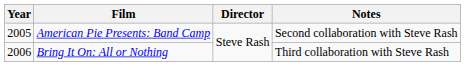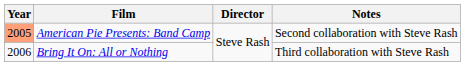 <table class="wikitable">
 <tr>
 <th>Year</th>
 <th>Film</th>
 <th>Director</th>
 <th>Notes</th>
 </tr>
 <tr>
-<td>2005</td>
+<td style="background: lightsalmon;">2005</td>
 <td><em><a href='#'>American Pie Presents: Band Camp</a></em></td>
 <td rowspan=2>Steve Rash</td>
 <td>Second collaboration with Steve Rash</td>
 </tr>
 <tr>
 <td>2006</td>
 <td><em><a href='#'>Bring It On: All or Nothing</a></em></td>
 <td>Third collaboration with Steve Rash</td>
 </tr>
 </table>
